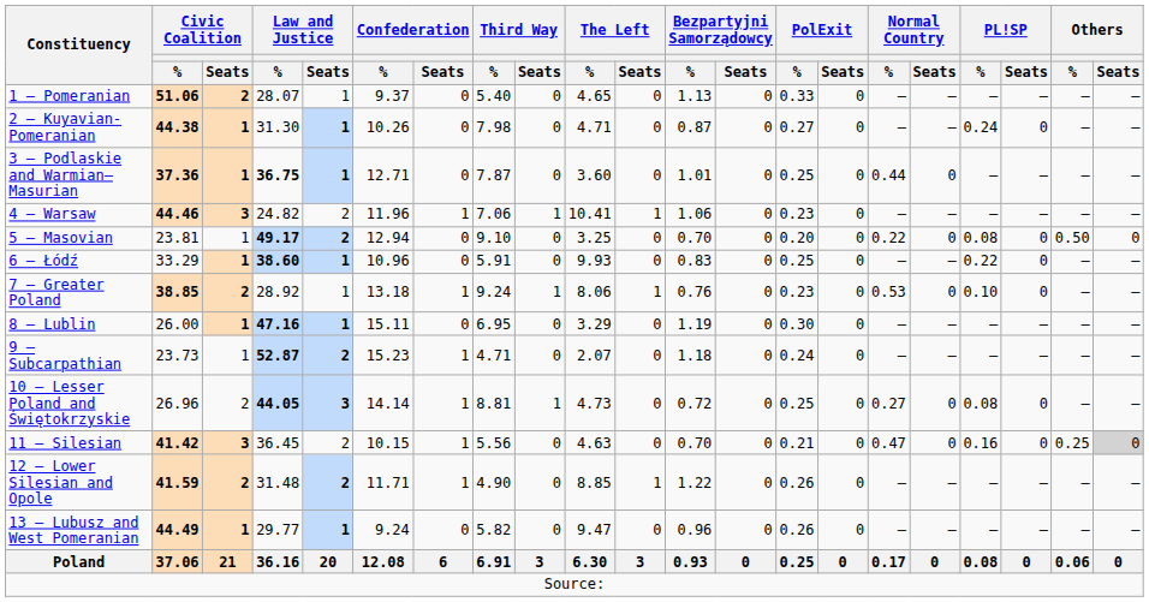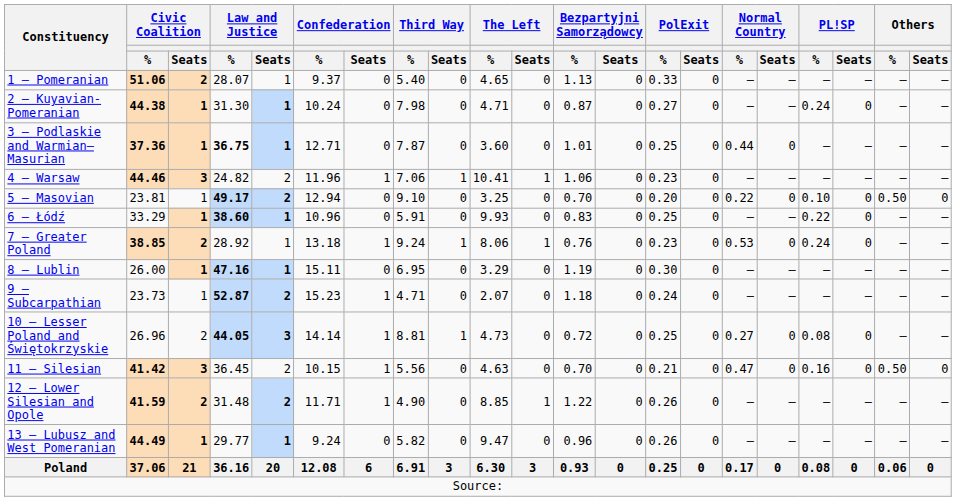 <table class="wikitable sortable" style="text-align:right; font-size:95%">
 <tr style="height:42px; text-align:center; background-color:#E9E9E9;">
 <th rowspan="3" style="width:120px;">Constituency</th>
 <th colspan="2" data-sort-type="number" style="width:40px;"><a href='#'>Civic Coalition</a></th>
 <th colspan="2" data-sort-type="number" style="width:40px;"><a href='#'>Law and Justice</a></th>
 <th colspan="2" data-sort-type="number" style="width:40px;"><a href='#'>Confederation</a></th>
 <th colspan="2" data-sort-type="number" style="width:40px;"><a href='#'>Third Way</a></th>
 <th colspan="2" data-sort-type="number" style="width:40px;"><a href='#'>The Left</a></th>
 <th colspan="2" data-sort-type="number" style="width:40px;"><a href='#'>Bezpartyjni Samorządowcy</a></th>
 <th colspan="2" data-sort-type="number" style="width:40px;"><a href='#'>PolExit</a></th>
 <th colspan="2" data-sort-type="number" style="width:40px;"><a href='#'>Normal Country</a></th>
 <th colspan="2" data-sort-type="number" style="width:40px;"><a href='#'>PL!SP</a></th>
 <th colspan="2" data-sort-type="number" style="width:40px;">Others</th>
 </tr>
 <tr>
 <th colspan="2" style="background:"></th>
 <th colspan="2" style="background:"></th>
 <th colspan="2" style="background:"></th>
 <th colspan="2" style="background:"></th>
 <th colspan="2" style="background:"></th>
 <th colspan="2" style="background:"></th>
 <th colspan="2" style="background:"></th>
 <th colspan="2" style="background:"></th>
 <th colspan="2" style="background:"></th>
 <th colspan="2" style="background:"></th>
 </tr>
 <tr>
 <th>%</th>
 <th>Seats</th>
 <th>%</th>
 <th>Seats</th>
 <th>%</th>
 <th>Seats</th>
 <th>%</th>
 <th>Seats</th>
 <th>%</th>
 <th>Seats</th>
 <th>%</th>
 <th>Seats</th>
 <th>%</th>
 <th>Seats</th>
 <th>%</th>
 <th>Seats</th>
 <th>%</th>
 <th>Seats</th>
 <th>%</th>
 <th>Seats</th>
 </tr>
 <tr>
 <td align="left"><a href='#'>1 – Pomeranian</a></td>
 <td style="font-weight:bold; background:#FDDCB8">51.06</td>
 <td style="font-weight:bold; background:#FDDCB8">2</td>
 <td>28.07</td>
 <td>1</td>
 <td>9.37</td>
 <td>0</td>
 <td>5.40</td>
 <td>0</td>
 <td>4.65</td>
 <td>0</td>
 <td>1.13</td>
 <td>0</td>
 <td>0.33</td>
 <td>0</td>
 <td>–</td>
 <td>–</td>
 <td>–</td>
 <td>–</td>
 <td>–</td>
 <td>–</td>
 </tr>
 <tr>
 <td align="left"><a href='#'>2 – Kuyavian-Pomeranian</a></td>
 <td style="font-weight:bold; background:#FDDCB8">44.38</td>
 <td style="font-weight:bold; background:#FDDCB8">1</td>
 <td>31.30</td>
 <td style="font-weight:bold; background:#C0DBFC">1</td>
-<td>10.26</td>
+<td>10.24</td>
 <td>0</td>
 <td>7.98</td>
 <td>0</td>
 <td>4.71</td>
 <td>0</td>
 <td>0.87</td>
 <td>0</td>
 <td>0.27</td>
 <td>0</td>
 <td>–</td>
 <td>–</td>
 <td>0.24</td>
 <td>0</td>
 <td>–</td>
 <td>–</td>
 </tr>
 <tr>
 <td align="left"><a href='#'>3 – Podlaskie and Warmian–Masurian</a></td>
 <td style="font-weight:bold; background:#FDDCB8">37.36</td>
 <td style="font-weight:bold; background:#FDDCB8">1</td>
 <td><strong>36.75</strong></td>
 <td style="font-weight:bold; background:#C0DBFC">1</td>
 <td>12.71</td>
 <td>0</td>
 <td>7.87</td>
 <td>0</td>
 <td>3.60</td>
 <td>0</td>
 <td>1.01</td>
 <td>0</td>
 <td>0.25</td>
 <td>0</td>
 <td>0.44</td>
 <td>0</td>
 <td>–</td>
 <td>–</td>
 <td>–</td>
 <td>–</td>
 </tr>
 <tr>
 <td align="left"><a href='#'>4 – Warsaw</a></td>
 <td style="font-weight:bold; background:#FDDCB8">44.46</td>
 <td style="font-weight:bold; background:#FDDCB8">3</td>
 <td>24.82</td>
 <td>2</td>
 <td>11.96</td>
 <td>1</td>
 <td>7.06</td>
 <td>1</td>
 <td>10.41</td>
 <td>1</td>
 <td>1.06</td>
 <td>0</td>
 <td>0.23</td>
 <td>0</td>
 <td>–</td>
 <td>–</td>
 <td>–</td>
 <td>–</td>
 <td>–</td>
 <td>–</td>
 </tr>
 <tr>
 <td align="left"><a href='#'>5 – Masovian</a></td>
 <td>23.81</td>
 <td>1</td>
 <td style="font-weight:bold; background:#C0DBFC">49.17</td>
 <td style="font-weight:bold; background:#C0DBFC">2</td>
 <td>12.94</td>
 <td>0</td>
 <td>9.10</td>
 <td>0</td>
 <td>3.25</td>
 <td>0</td>
 <td>0.70</td>
 <td>0</td>
 <td>0.20</td>
 <td>0</td>
 <td>0.22</td>
 <td>0</td>
-<td>0.08</td>
+<td>0.10</td>
 <td>0</td>
 <td>0.50</td>
 <td>0</td>
 </tr>
 <tr>
 <td align="left"><a href='#'>6 – Łódź</a></td>
 <td>33.29</td>
 <td style="font-weight:bold; background:#FDDCB8">1</td>
 <td style="font-weight:bold; background:#C0DBFC">38.60</td>
 <td style="font-weight:bold; background:#C0DBFC">1</td>
 <td>10.96</td>
 <td>0</td>
 <td>5.91</td>
 <td>0</td>
 <td>9.93</td>
 <td>0</td>
 <td>0.83</td>
 <td>0</td>
 <td>0.25</td>
 <td>0</td>
 <td>–</td>
 <td>–</td>
 <td>0.22</td>
 <td>0</td>
 <td>–</td>
 <td>–</td>
 </tr>
 <tr>
 <td align="left"><a href='#'>7 – Greater Poland</a></td>
 <td style="font-weight:bold; background:#FDDCB8">38.85</td>
 <td style="font-weight:bold; background:#FDDCB8">2</td>
 <td>28.92</td>
 <td>1</td>
 <td>13.18</td>
 <td>1</td>
 <td>9.24</td>
 <td>1</td>
 <td>8.06</td>
 <td>1</td>
 <td>0.76</td>
 <td>0</td>
 <td>0.23</td>
 <td>0</td>
 <td>0.53</td>
 <td>0</td>
-<td>0.10</td>
+<td>0.24</td>
 <td>0</td>
 <td>–</td>
 <td>–</td>
 </tr>
 <tr>
 <td align="left"><a href='#'>8 – Lublin</a></td>
 <td>26.00</td>
 <td style="font-weight:bold; background:#FDDCB8">1</td>
 <td style="font-weight:bold; background:#C0DBFC">47.16</td>
 <td style="font-weight:bold; background:#C0DBFC">1</td>
 <td>15.11</td>
 <td>0</td>
 <td>6.95</td>
 <td>0</td>
 <td>3.29</td>
 <td>0</td>
 <td>1.19</td>
 <td>0</td>
 <td>0.30</td>
 <td>0</td>
 <td>–</td>
 <td>–</td>
 <td>–</td>
 <td>–</td>
 <td>–</td>
 <td>–</td>
 </tr>
 <tr>
 <td align="left"><a href='#'>9 – Subcarpathian</a></td>
 <td>23.73</td>
 <td>1</td>
 <td style="font-weight:bold; background:#C0DBFC">52.87</td>
 <td style="font-weight:bold; background:#C0DBFC">2</td>
 <td>15.23</td>
 <td>1</td>
 <td>4.71</td>
 <td>0</td>
 <td>2.07</td>
 <td>0</td>
 <td>1.18</td>
 <td>0</td>
 <td>0.24</td>
 <td>0</td>
 <td>–</td>
 <td>–</td>
 <td>–</td>
 <td>–</td>
 <td>–</td>
 <td>–</td>
 </tr>
 <tr>
 <td align="left"><a href='#'>10 – Lesser Poland and Świętokrzyskie</a></td>
 <td>26.96</td>
 <td>2</td>
 <td style="font-weight:bold; background:#C0DBFC">44.05</td>
 <td style="font-weight:bold; background:#C0DBFC">3</td>
 <td>14.14</td>
 <td>1</td>
 <td>8.81</td>
 <td>1</td>
 <td>4.73</td>
 <td>0</td>
 <td>0.72</td>
 <td>0</td>
 <td>0.25</td>
 <td>0</td>
 <td>0.27</td>
 <td>0</td>
 <td>0.08</td>
 <td>0</td>
 <td>–</td>
 <td>–</td>
 </tr>
 <tr>
 <td align="left"><a href='#'>11 – Silesian</a></td>
 <td style="font-weight:bold; background:#FDDCB8">41.42</td>
 <td style="font-weight:bold; background:#FDDCB8">3</td>
 <td>36.45</td>
 <td>2</td>
 <td>10.15</td>
 <td>1</td>
 <td>5.56</td>
 <td>0</td>
 <td>4.63</td>
 <td>0</td>
 <td>0.70</td>
 <td>0</td>
 <td>0.21</td>
 <td>0</td>
 <td>0.47</td>
 <td>0</td>
 <td>0.16</td>
 <td>0</td>
-<td>0.25</td>
-<td style="background: lightgrey;">0</td>
+<td>0.50</td>
+<td>0</td>
 </tr>
 <tr>
 <td align="left"><a href='#'>12 – Lower Silesian and Opole</a></td>
 <td style="font-weight:bold; background:#FDDCB8">41.59</td>
 <td style="font-weight:bold; background:#FDDCB8">2</td>
 <td>31.48</td>
 <td style="font-weight:bold; background:#C0DBFC">2</td>
 <td>11.71</td>
 <td>1</td>
 <td>4.90</td>
 <td>0</td>
 <td>8.85</td>
 <td>1</td>
 <td>1.22</td>
 <td>0</td>
 <td>0.26</td>
 <td>0</td>
 <td>–</td>
 <td>–</td>
 <td>–</td>
 <td>–</td>
 <td>–</td>
 <td>–</td>
 </tr>
 <tr>
 <td align="left"><a href='#'>13 – Lubusz and West Pomeranian</a></td>
 <td style="font-weight:bold; background:#FDDCB8">44.49</td>
 <td style="font-weight:bold; background:#FDDCB8">1</td>
 <td>29.77</td>
 <td style="font-weight:bold; background:#C0DBFC">1</td>
 <td>9.24</td>
 <td>0</td>
 <td>5.82</td>
 <td>0</td>
 <td>9.47</td>
 <td>0</td>
 <td>0.96</td>
 <td>0</td>
 <td>0.26</td>
 <td>0</td>
 <td>–</td>
 <td>–</td>
 <td>–</td>
 <td>–</td>
 <td>–</td>
 <td>–</td>
 </tr>
 <tr class=sortbottom>
 <th>Poland</th>
 <th style="font-weight:bold; background:#FDDCB8">37.06</th>
 <th style="font-weight:bold; background:#FDDCB8">21</th>
 <th>36.16</th>
 <th>20</th>
 <th>12.08</th>
 <th>6</th>
 <th>6.91</th>
 <th>3</th>
 <th>6.30</th>
 <th>3</th>
 <th>0.93</th>
 <th>0</th>
 <th>0.25</th>
 <th>0</th>
 <th>0.17</th>
 <th>0</th>
 <th>0.08</th>
 <th>0</th>
 <th>0.06</th>
 <th>0</th>
 </tr>
 <tr class=sortbottom>
 <td colspan="21" align="center">Source: </td>
 </tr>
 </table>
